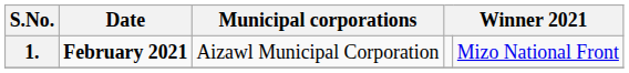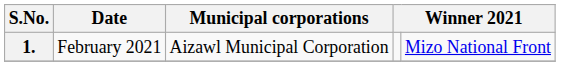 <table class="wikitable sortable">
 <tr>
 <th>S.No.</th>
 <th>Date</th>
 <th>Municipal corporations</th>
 <th colspan="2">Winner 2021</th>
 </tr>
 <tr>
 <th>1.</th>
-<td><strong>February 2021</strong></td>
+<td>February 2021</td>
 <td>Aizawl Municipal Corporation</td>
 <td style="background:"></td>
 <td><a href='#'>Mizo National Front</a></td>
 </tr>
 <tr>
 </tr>
 </table>
